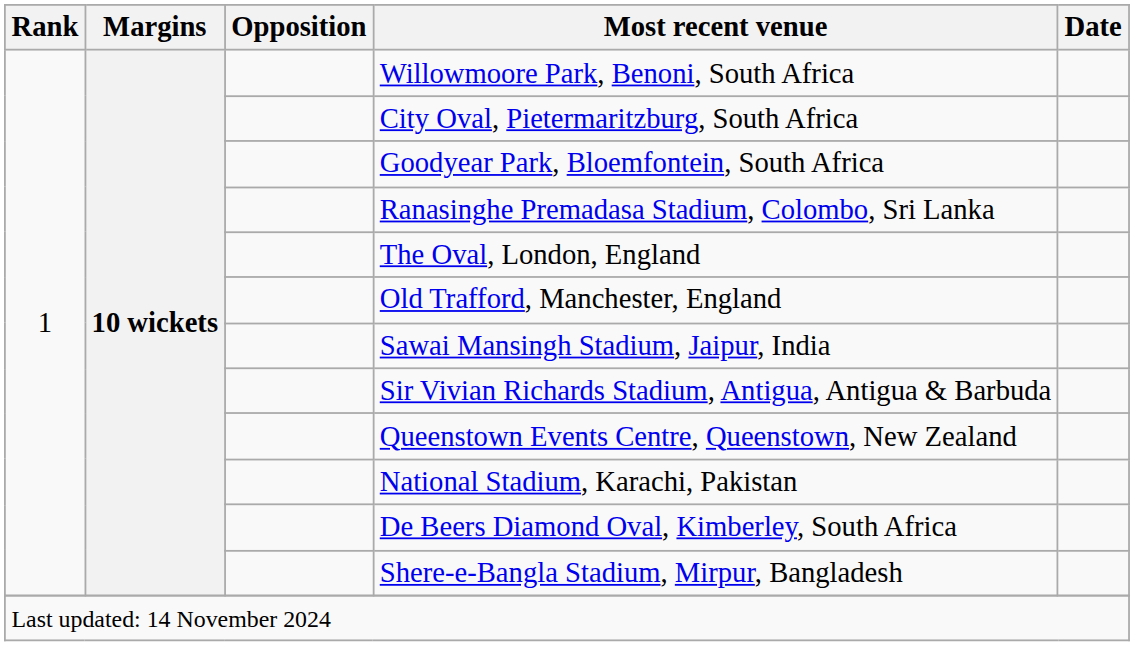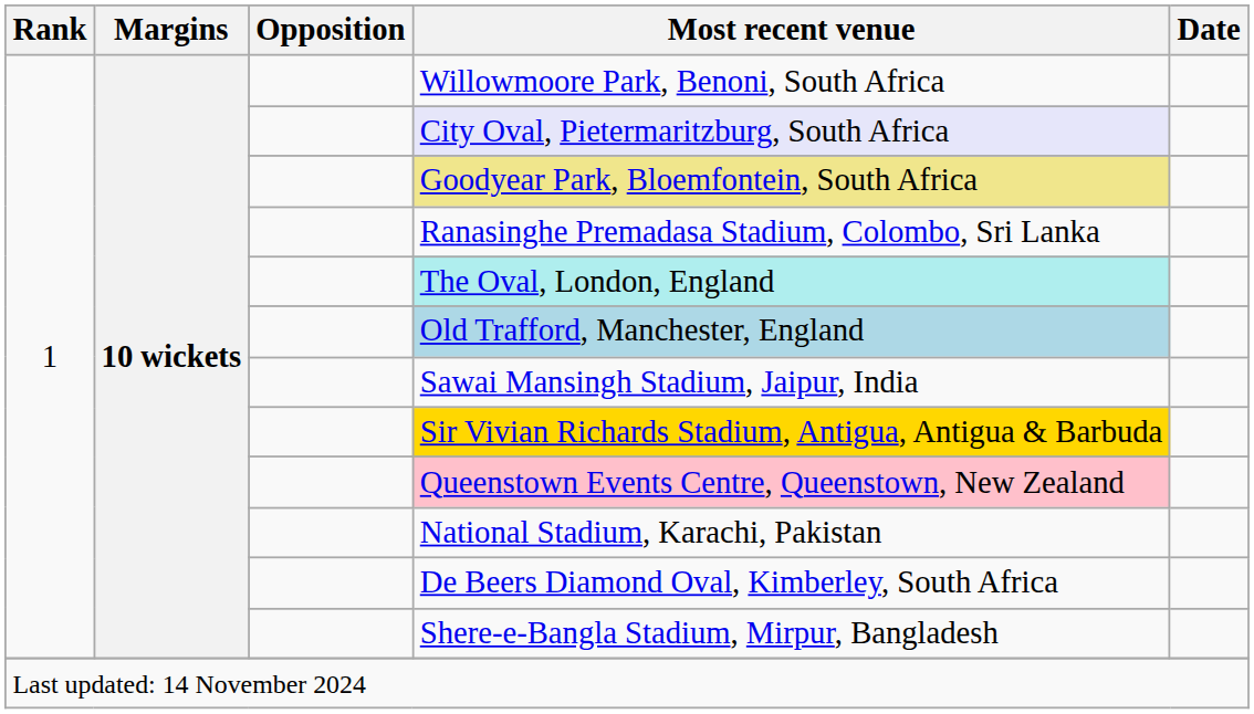 <table class="wikitable plainrowheaders sortable">
 <tr>
 <th scope=col>Rank</th>
 <th scope=col>Margins</th>
 <th scope=col>Opposition</th>
 <th scope=col>Most recent venue</th>
 <th scope=col>Date</th>
 </tr>
 <tr>
 <td align=center rowspan=12>1</td>
 <th scope=row style=text-align:center rowspan=12>10 wickets</th>
 <td></td>
 <td><a href='#'>Willowmoore Park</a>, <a href='#'>Benoni</a>, South Africa</td>
 <td></td>
 </tr>
 <tr>
 <td></td>
-<td><a href='#'>City Oval</a>, <a href='#'>Pietermaritzburg</a>, South Africa</td>
+<td style="background: lavender;"><a href='#'>City Oval</a>, <a href='#'>Pietermaritzburg</a>, South Africa</td>
 <td> </td>
 </tr>
 <tr>
 <td></td>
-<td><a href='#'>Goodyear Park</a>, <a href='#'>Bloemfontein</a>, South Africa</td>
+<td style="background: khaki;"><a href='#'>Goodyear Park</a>, <a href='#'>Bloemfontein</a>, South Africa</td>
 <td> </td>
 </tr>
 <tr>
 <td></td>
 <td><a href='#'>Ranasinghe Premadasa Stadium</a>, <a href='#'>Colombo</a>, Sri Lanka</td>
 <td></td>
 </tr>
 <tr>
 <td></td>
-<td><a href='#'>The Oval</a>, London, England</td>
+<td style="background: paleturquoise;"><a href='#'>The Oval</a>, London, England</td>
 <td></td>
 </tr>
 <tr>
 <td></td>
-<td><a href='#'>Old Trafford</a>, Manchester, England</td>
+<td style="background: lightblue;"><a href='#'>Old Trafford</a>, Manchester, England</td>
 <td></td>
 </tr>
 <tr>
 <td></td>
 <td><a href='#'>Sawai Mansingh Stadium</a>, <a href='#'>Jaipur</a>, India</td>
 <td></td>
 </tr>
 <tr>
 <td></td>
-<td><a href='#'>Sir Vivian Richards Stadium</a>, <a href='#'>Antigua</a>, Antigua & Barbuda</td>
+<td style="background: gold;"><a href='#'>Sir Vivian Richards Stadium</a>, <a href='#'>Antigua</a>, Antigua & Barbuda</td>
 <td> </td>
 </tr>
 <tr>
 <td></td>
-<td><a href='#'>Queenstown Events Centre</a>, <a href='#'>Queenstown</a>, New Zealand</td>
+<td style="background: pink;"><a href='#'>Queenstown Events Centre</a>, <a href='#'>Queenstown</a>, New Zealand</td>
 <td></td>
 </tr>
 <tr>
 <td></td>
 <td><a href='#'>National Stadium</a>, Karachi, Pakistan</td>
 <td></td>
 </tr>
 <tr>
 <td></td>
 <td><a href='#'>De Beers Diamond Oval</a>, <a href='#'>Kimberley</a>, South Africa</td>
 <td></td>
 </tr>
 <tr>
 <td></td>
 <td><a href='#'>Shere-e-Bangla Stadium</a>, <a href='#'>Mirpur</a>, Bangladesh</td>
 <td></td>
 </tr>
 <tr>
 </tr>
 <tr class=sortbottom>
 <td colspan=5><small>Last updated: 14 November 2024</small></td>
 </tr>
 </table>
